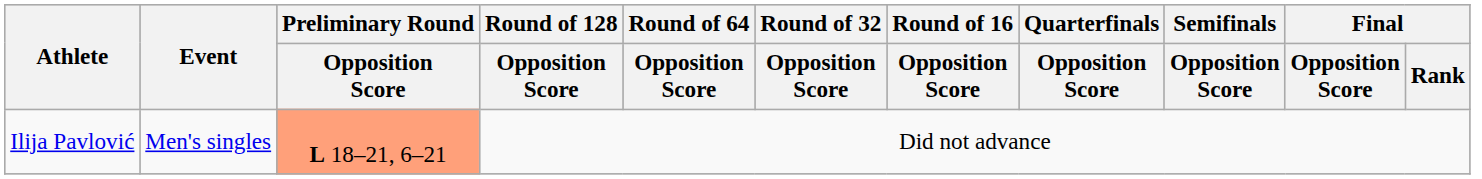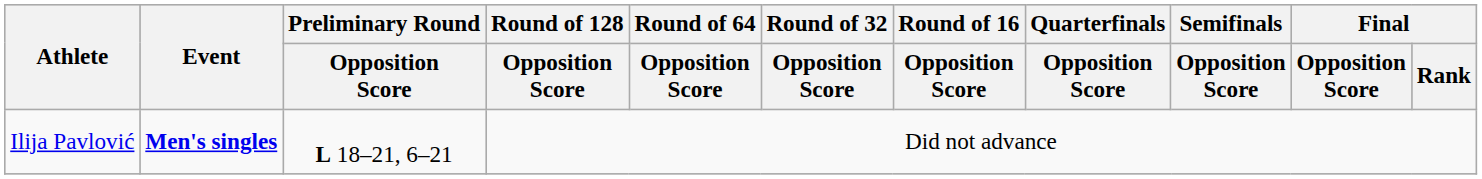 <table class="wikitable" border="1" style="font-size:90%">
 <tr>
 <th rowspan=2>Athlete</th>
 <th rowspan=2>Event</th>
 <th>Preliminary Round</th>
 <th>Round of 128</th>
 <th>Round of 64</th>
 <th>Round of 32</th>
 <th>Round of 16</th>
 <th>Quarterfinals</th>
 <th>Semifinals</th>
 <th colspan=2>Final</th>
 </tr>
 <tr>
 <th>Opposition<br>Score</th>
 <th>Opposition<br>Score</th>
 <th>Opposition<br>Score</th>
 <th>Opposition<br>Score</th>
 <th>Opposition<br>Score</th>
 <th>Opposition<br>Score</th>
 <th>Opposition<br>Score</th>
 <th>Opposition<br>Score</th>
 <th>Rank</th>
 </tr>
 <tr>
 <td><a href='#'>Ilija Pavlović</a></td>
-<td><a href='#'>Men's singles</a></td>
-<td align=center style="background: lightsalmon;"><br><strong>L</strong> 18–21, 6–21</td>
+<td><strong><a href='#'>Men's singles</a></strong></td>
+<td align=center><br><strong>L</strong> 18–21, 6–21</td>
 <td align=center colspan=8>Did not advance</td>
 </tr>
 </table>
